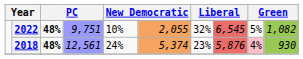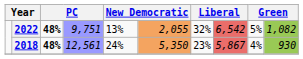 <table class="wikitable" style="float:right; width:400; font-size:90%; margin-left:1em;">
 <tr>
 <th colspan="2" scope="col">Year</th>
 <th colspan="2" scope="col"><a href='#'>PC</a></th>
 <th colspan="2" scope="col"><a href='#'>New Democratic</a></th>
 <th colspan="2" scope="col"><a href='#'>Liberal</a></th>
 <th colspan="2" scope="col"><a href='#'>Green</a></th>
 </tr>
 <tr>
 <td rowspan="2" style="width: 0.25em; background-color: "></td>
 <th><a href='#'>2022</a></th>
 <td><strong>48%</strong></td>
 <td style="text-align:right; background:#9999FF;"><em>9,751</em></td>
-<td>10%</td>
+<td>13%</td>
 <td style="text-align:right; background:#F4A460;"><em>2,055</em></td>
 <td>32%</td>
-<td style="text-align:right; background:#EA6D6A;"><em>6,545</em></td>
+<td style="text-align:right; background:#EA6D6A;"><em>6,542</em></td>
 <td>5%</td>
 <td style="text-align:right; background:#99C955;"><em>1,082</em></td>
 </tr>
 <tr>
 <th><a href='#'>2018</a></th>
 <td><strong>48%</strong></td>
 <td style="text-align:right; background:#9999FF;"><em>12,561</em></td>
 <td>24%</td>
-<td style="text-align:right; background:#F4A460;"><em>5,374</em></td>
+<td style="text-align:right; background:#F4A460;"><em>5,350</em></td>
 <td>23%</td>
-<td style="text-align:right; background:#EA6D6A;"><em>5,876</em></td>
-<td style="background: pink;">4%</td>
+<td style="text-align:right; background:#EA6D6A;"><em>5,867</em></td>
+<td>4%</td>
 <td style="text-align:right; background:#99C955;"><em>930</em></td>
 </tr>
 <tr>
 </tr>
 </table>
